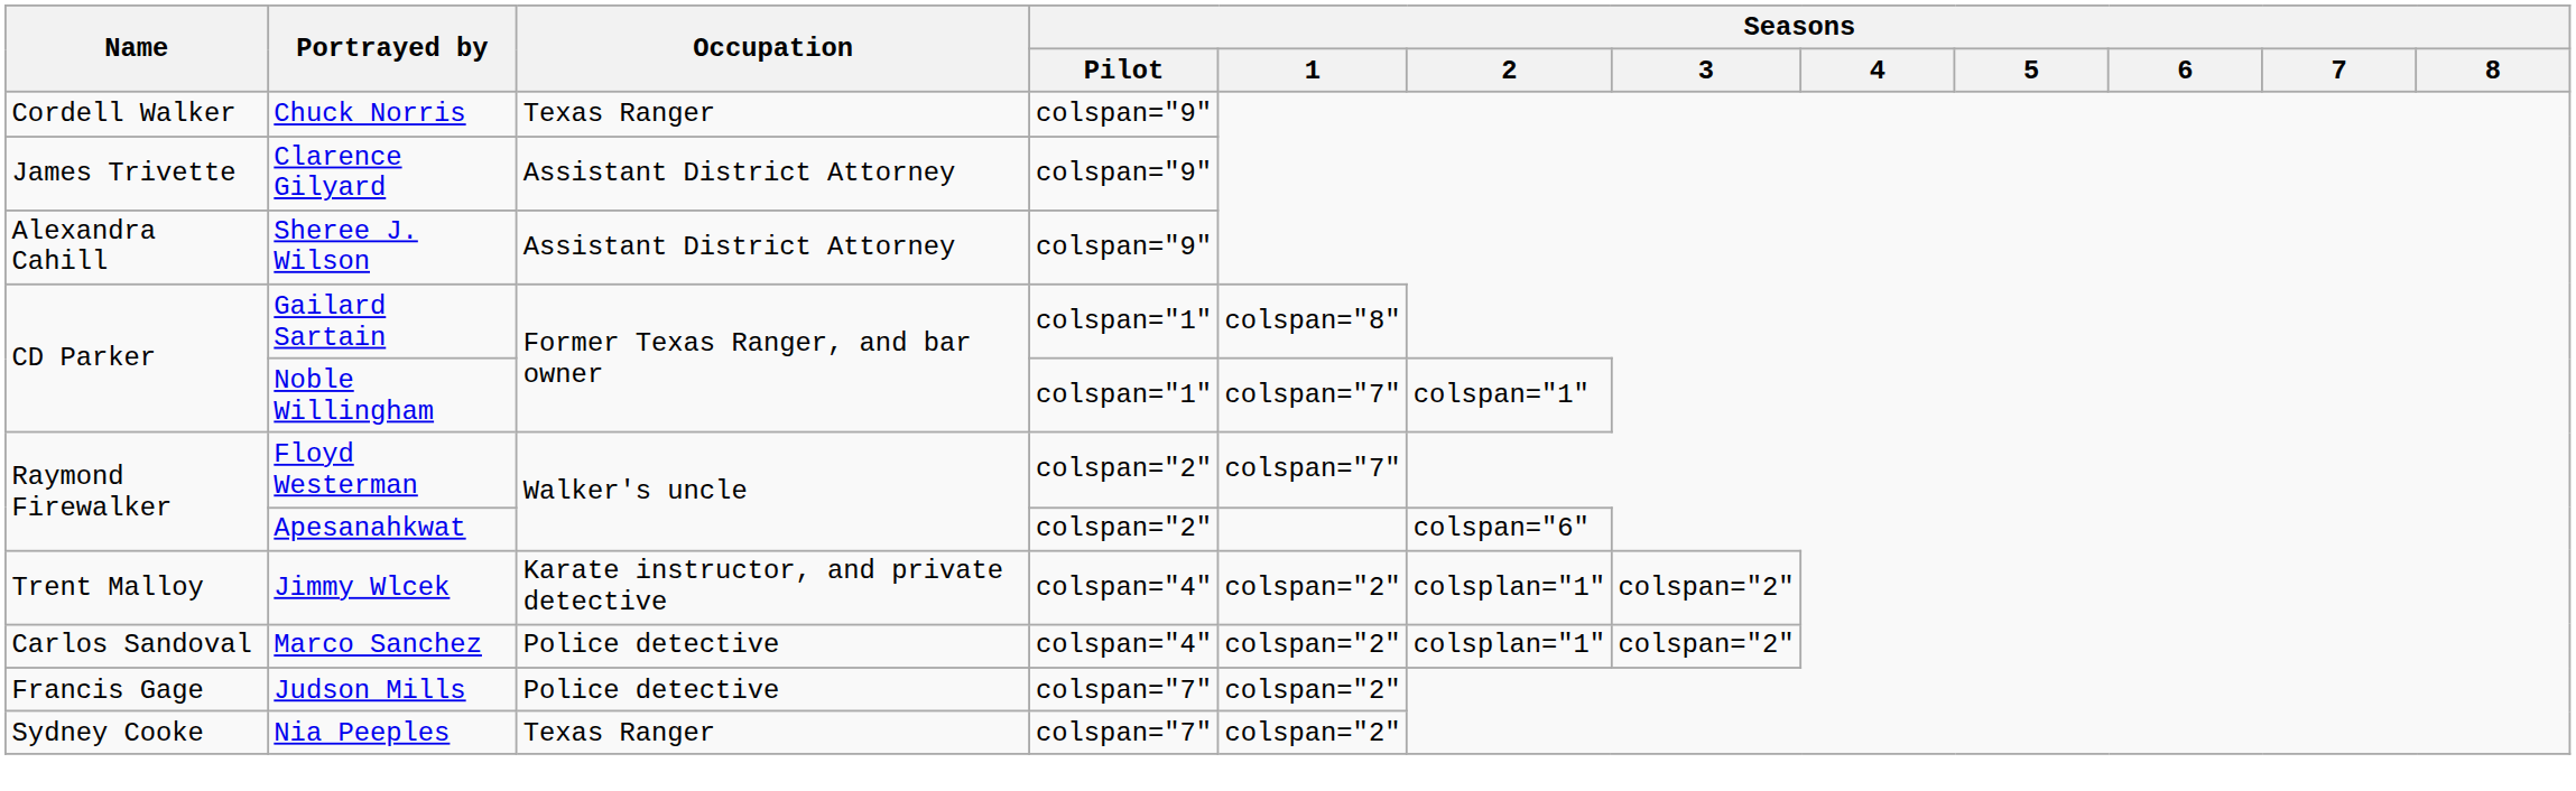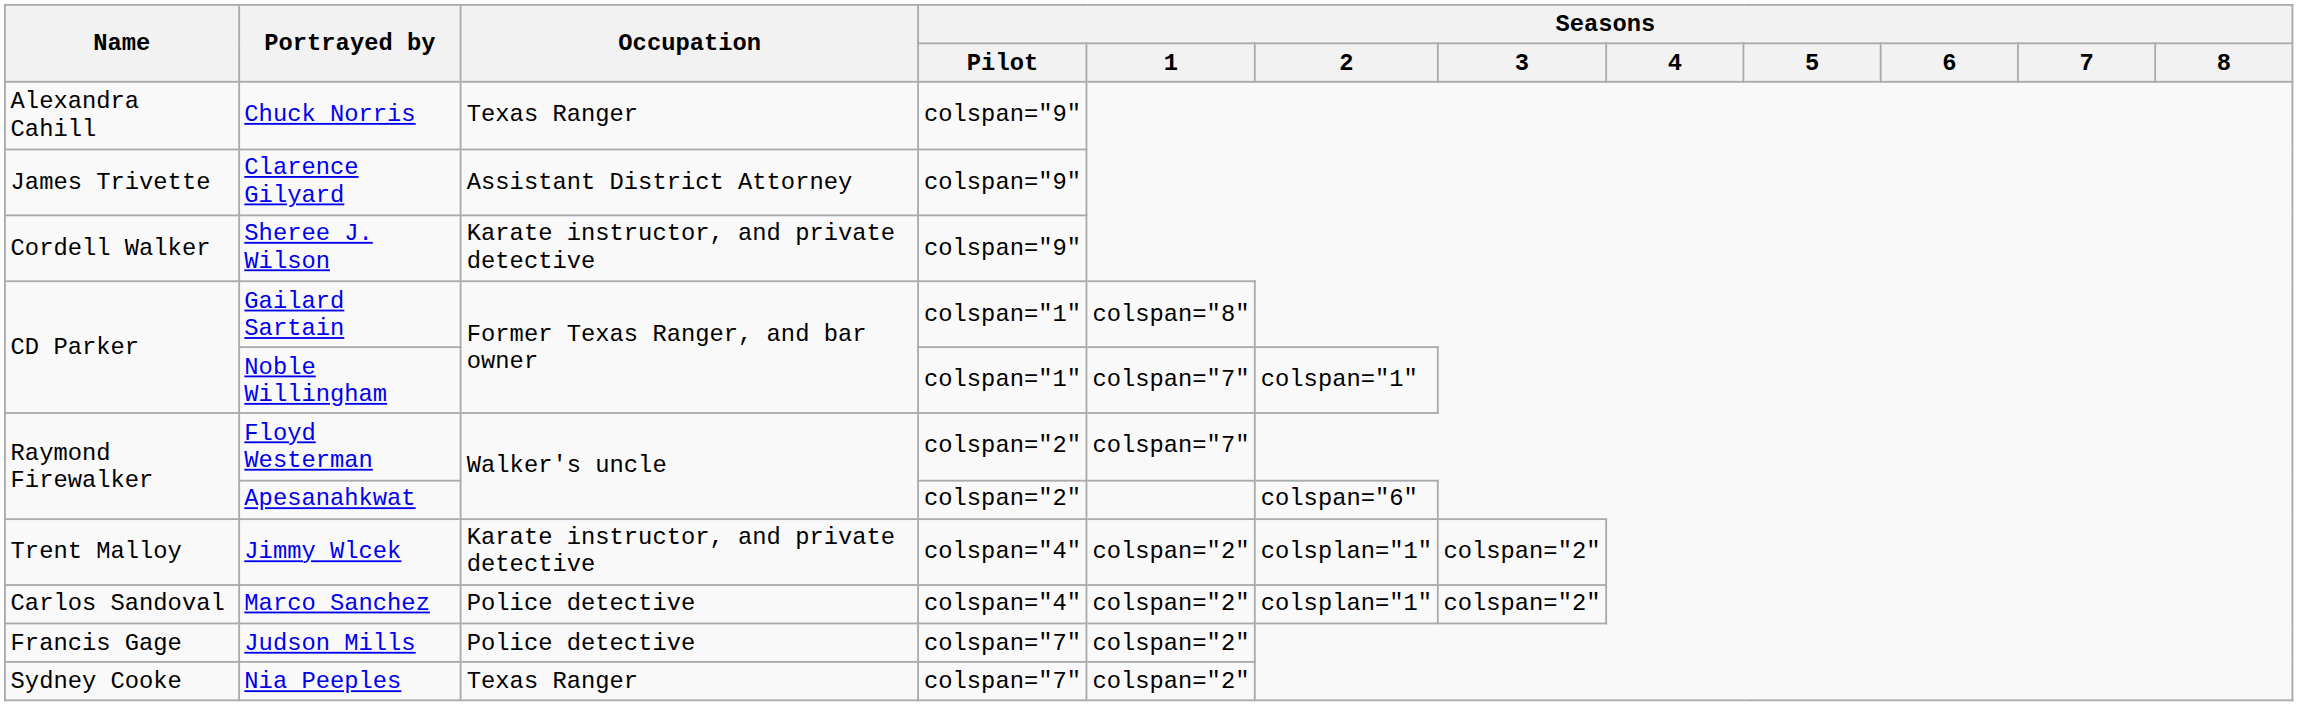 <table class="wikitable">
 <tr>
 <th rowspan="2">Name</th>
 <th rowspan="2">Portrayed by</th>
 <th rowspan="2">Occupation</th>
 <th colspan="9">Seasons</th>
 </tr>
 <tr>
 <th style="width:6%;">Pilot</th>
 <th style="width:6%;">1</th>
 <th style="width:6%;">2</th>
 <th style="width:6%;">3</th>
 <th style="width:6%;">4</th>
 <th style="width:6%;">5</th>
 <th style="width:6%;">6</th>
 <th style="width:6%;">7</th>
 <th style="width:6%;">8</th>
 </tr>
 <tr>
-<td>Cordell Walker</td>
+<td>Alexandra Cahill</td>
 <td><a href='#'>Chuck Norris</a></td>
 <td>Texas Ranger</td>
 <td>colspan="9" </td>
 </tr>
 <tr>
 <td>James Trivette</td>
 <td><a href='#'>Clarence Gilyard</a></td>
 <td>Assistant District Attorney</td>
 <td>colspan="9" </td>
 </tr>
 <tr>
-<td>Alexandra Cahill</td>
+<td>Cordell Walker</td>
 <td><a href='#'>Sheree J. Wilson</a></td>
-<td>Assistant District Attorney</td>
+<td>Karate instructor, and private detective</td>
 <td>colspan="9" </td>
 </tr>
 <tr>
 <td rowspan="2">CD Parker</td>
 <td><a href='#'>Gailard Sartain</a></td>
 <td rowspan="2">Former Texas Ranger, and bar owner</td>
 <td>colspan="1" </td>
 <td>colspan="8" </td>
 </tr>
 <tr>
 <td><a href='#'>Noble Willingham</a></td>
 <td>colspan="1" </td>
 <td>colspan="7" </td>
 <td>colspan="1" </td>
 </tr>
 <tr>
 <td rowspan="2">Raymond Firewalker</td>
 <td><a href='#'>Floyd Westerman</a></td>
 <td rowspan="2">Walker's uncle</td>
 <td>colspan="2" </td>
 <td>colspan="7" </td>
 </tr>
 <tr>
 <td><a href='#'>Apesanahkwat</a></td>
 <td>colspan="2" </td>
 <td></td>
 <td>colspan="6" </td>
 </tr>
 <tr>
 <td>Trent Malloy</td>
 <td><a href='#'>Jimmy Wlcek</a></td>
 <td>Karate instructor, and private detective</td>
 <td>colspan="4" </td>
 <td>colspan="2" </td>
 <td>colsplan="1" </td>
 <td>colspan="2" </td>
 </tr>
 <tr>
 <td>Carlos Sandoval</td>
 <td><a href='#'>Marco Sanchez</a></td>
 <td>Police detective</td>
 <td>colspan="4" </td>
 <td>colspan="2" </td>
 <td>colsplan="1" </td>
 <td>colspan="2" </td>
 </tr>
 <tr>
 <td>Francis Gage</td>
 <td><a href='#'>Judson Mills</a></td>
 <td>Police detective</td>
 <td>colspan="7" </td>
 <td>colspan="2" </td>
 </tr>
 <tr>
 <td>Sydney Cooke</td>
 <td><a href='#'>Nia Peeples</a></td>
 <td>Texas Ranger</td>
 <td>colspan="7" </td>
 <td>colspan="2" </td>
 </tr>
 </table>
